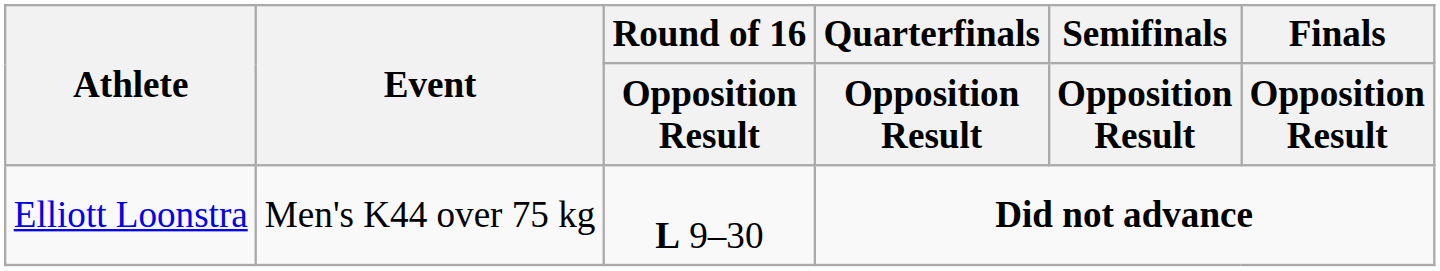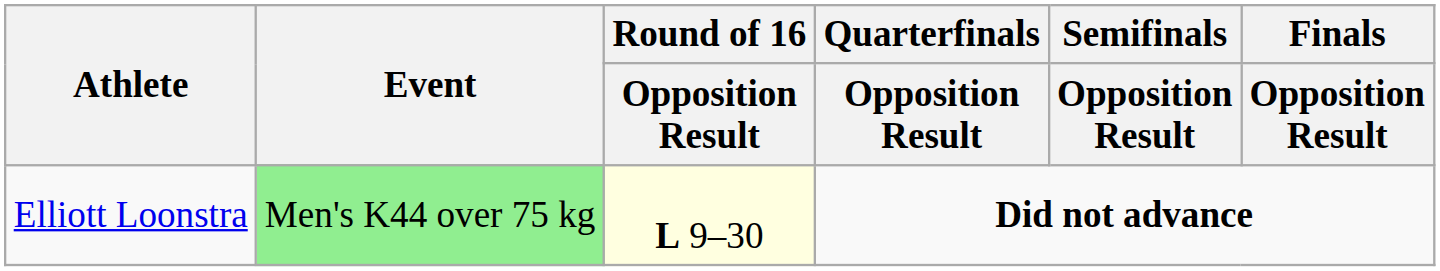 <table class=wikitable>
 <tr>
 <th rowspan="2">Athlete</th>
 <th rowspan="2">Event</th>
 <th>Round of 16</th>
 <th>Quarterfinals</th>
 <th>Semifinals</th>
 <th>Finals</th>
 </tr>
 <tr>
 <th>Opposition<br>Result</th>
 <th>Opposition<br>Result</th>
 <th>Opposition<br>Result</th>
 <th>Opposition<br>Result</th>
 </tr>
 <tr>
 <td><a href='#'>Elliott Loonstra</a></td>
-<td>Men's K44 over 75 kg</td>
-<td align=center><br><strong>L</strong> 9–30</td>
+<td style="background: lightgreen;">Men's K44 over 75 kg</td>
+<td align=center style="background: lightyellow;"><br><strong>L</strong> 9–30</td>
 <td align="center" colspan="3"><strong>Did not advance</strong></td>
 </tr>
 </table>
